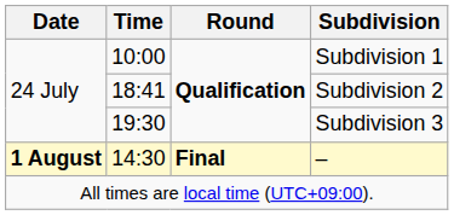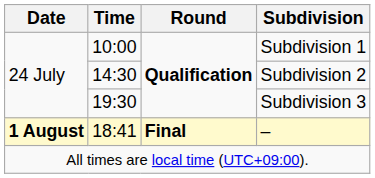 <table class="wikitable">
 <tr>
 <th>Date</th>
 <th>Time</th>
 <th>Round</th>
 <th>Subdivision</th>
 </tr>
 <tr>
 <td rowspan=3>24 July</td>
 <td>10:00</td>
 <td rowspan=3><strong>Qualification</strong></td>
 <td>Subdivision 1</td>
 </tr>
 <tr>
-<td>18:41</td>
+<td>14:30</td>
 <td>Subdivision 2</td>
 </tr>
 <tr>
 <td>19:30</td>
 <td>Subdivision 3</td>
 </tr>
 <tr style=background:lemonchiffon>
 <td><strong>1 August</strong></td>
-<td>14:30</td>
+<td>18:41</td>
 <td><strong>Final</strong></td>
 <td>–</td>
 </tr>
 <tr>
 <td colspan=4 align=center><small>All times are <a href='#'>local time</a> (<a href='#'>UTC+09:00</a>).</small></td>
 </tr>
 </table>
